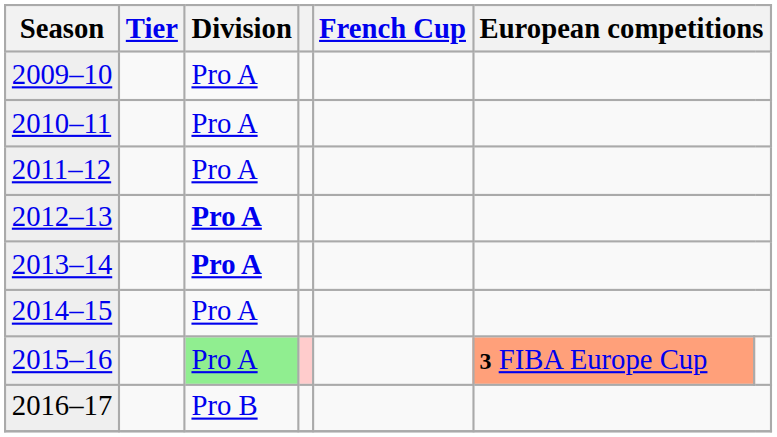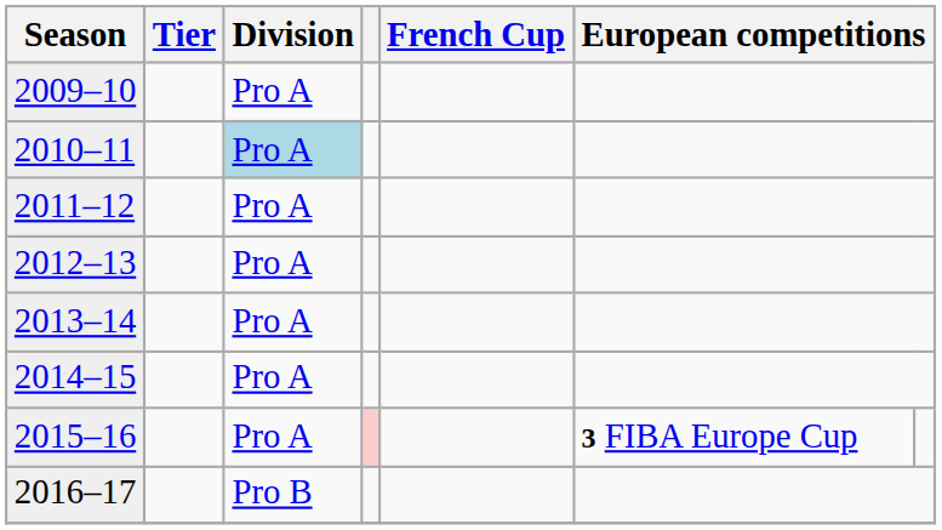 <table class="wikitable" style="font-size:85%;">
 <tr>
 <th>Season</th>
 <th><a href='#'>Tier</a></th>
 <th>Division</th>
 <th></th>
 <th><a href='#'>French Cup</a></th>
 <th colspan=2>European competitions</th>
 </tr>
 <tr>
 <td bgcolor=#efefef><a href='#'>2009–10</a></td>
 <td></td>
 <td><a href='#'>Pro A</a></td>
 <td></td>
 <td></td>
 <td colspan=2></td>
 </tr>
 <tr>
 <td bgcolor=#efefef><a href='#'>2010–11</a></td>
 <td></td>
-<td><a href='#'>Pro A</a></td>
+<td style="background: lightblue;"><a href='#'>Pro A</a></td>
 <td></td>
 <td align=left></td>
 <td colspan=2></td>
 </tr>
 <tr>
 <td bgcolor=#efefef><a href='#'>2011–12</a></td>
 <td></td>
 <td><a href='#'>Pro A</a></td>
 <td></td>
 <td align=left></td>
 <td colspan=2></td>
 </tr>
 <tr>
 <td bgcolor=#efefef><a href='#'>2012–13</a></td>
 <td></td>
-<td><strong><a href='#'>Pro A</a></strong></td>
+<td><a href='#'>Pro A</a></td>
 <td></td>
 <td align=left></td>
 <td colspan=2></td>
 </tr>
 <tr>
 <td bgcolor=#efefef><a href='#'>2013–14</a></td>
 <td></td>
-<td><strong><a href='#'>Pro A</a></strong></td>
+<td><a href='#'>Pro A</a></td>
 <td></td>
 <td align=left></td>
 <td colspan=2></td>
 </tr>
 <tr>
 <td bgcolor=#efefef><a href='#'>2014–15</a></td>
 <td></td>
 <td><a href='#'>Pro A</a></td>
 <td></td>
 <td></td>
 <td colspan=2></td>
 </tr>
 <tr>
 <td bgcolor=#efefef><a href='#'>2015–16</a></td>
 <td></td>
-<td style="background: lightgreen;"><a href='#'>Pro A</a></td>
+<td><a href='#'>Pro A</a></td>
 <td bgcolor=#fcc></td>
 <td></td>
-<td style="background: lightsalmon;"><small><strong>3</strong></small> <a href='#'>FIBA Europe Cup</a></td>
+<td><small><strong>3</strong></small> <a href='#'>FIBA Europe Cup</a></td>
 <td></td>
 </tr>
 <tr>
 <td bgcolor=#efefef>2016–17</td>
 <td></td>
 <td><a href='#'>Pro B</a></td>
 <td></td>
 <td></td>
 <td colspan=2></td>
 </tr>
 <tr>
 </tr>
 </table>
